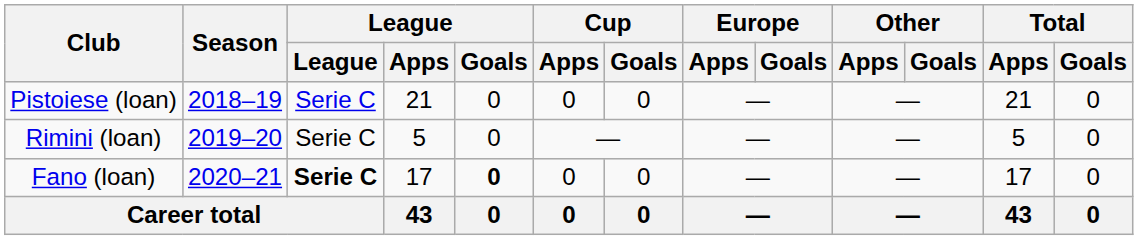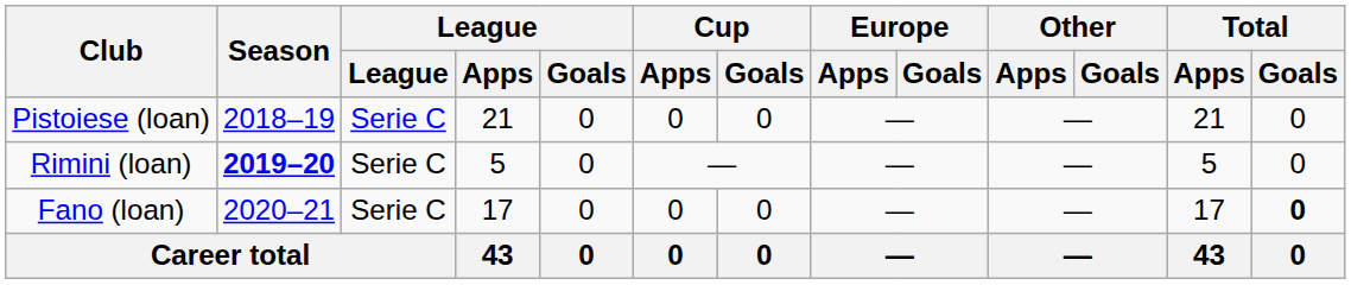 <table class="wikitable" style="text-align: center;">
 <tr>
 <th rowspan="2">Club</th>
 <th rowspan="2">Season</th>
 <th colspan="3">League</th>
 <th colspan="2">Cup</th>
 <th colspan="2">Europe</th>
 <th colspan="2">Other</th>
 <th colspan="2">Total</th>
 </tr>
 <tr>
 <th>League</th>
 <th>Apps</th>
 <th>Goals</th>
 <th>Apps</th>
 <th>Goals</th>
 <th>Apps</th>
 <th>Goals</th>
 <th>Apps</th>
 <th>Goals</th>
 <th>Apps</th>
 <th>Goals</th>
 </tr>
 <tr>
 <td><a href='#'>Pistoiese</a> (loan)</td>
 <td><a href='#'>2018–19</a></td>
 <td><a href='#'>Serie C</a></td>
 <td>21</td>
 <td>0</td>
 <td>0</td>
 <td>0</td>
 <td colspan="2">—</td>
 <td colspan="2">—</td>
 <td>21</td>
 <td>0</td>
 </tr>
 <tr>
 <td><a href='#'>Rimini</a> (loan)</td>
-<td><a href='#'>2019–20</a></td>
+<td><strong><a href='#'>2019–20</a></strong></td>
 <td>Serie C</td>
 <td>5</td>
 <td>0</td>
 <td colspan="2">—</td>
 <td colspan="2">—</td>
 <td colspan="2">—</td>
 <td>5</td>
 <td>0</td>
 </tr>
 <tr>
 <td><a href='#'>Fano</a> (loan)</td>
 <td><a href='#'>2020–21</a></td>
-<td><strong>Serie C</strong></td>
+<td>Serie C</td>
 <td>17</td>
-<td><strong>0</strong></td>
+<td>0</td>
 <td>0</td>
 <td>0</td>
 <td colspan="2">—</td>
 <td colspan="2">—</td>
 <td>17</td>
-<td>0</td>
+<td><strong>0</strong></td>
 </tr>
 <tr>
 <th colspan="3">Career total</th>
 <th>43</th>
 <th>0</th>
 <th>0</th>
 <th>0</th>
 <th colspan="2">—</th>
 <th colspan="2">—</th>
 <th>43</th>
 <th>0</th>
 </tr>
 </table>
